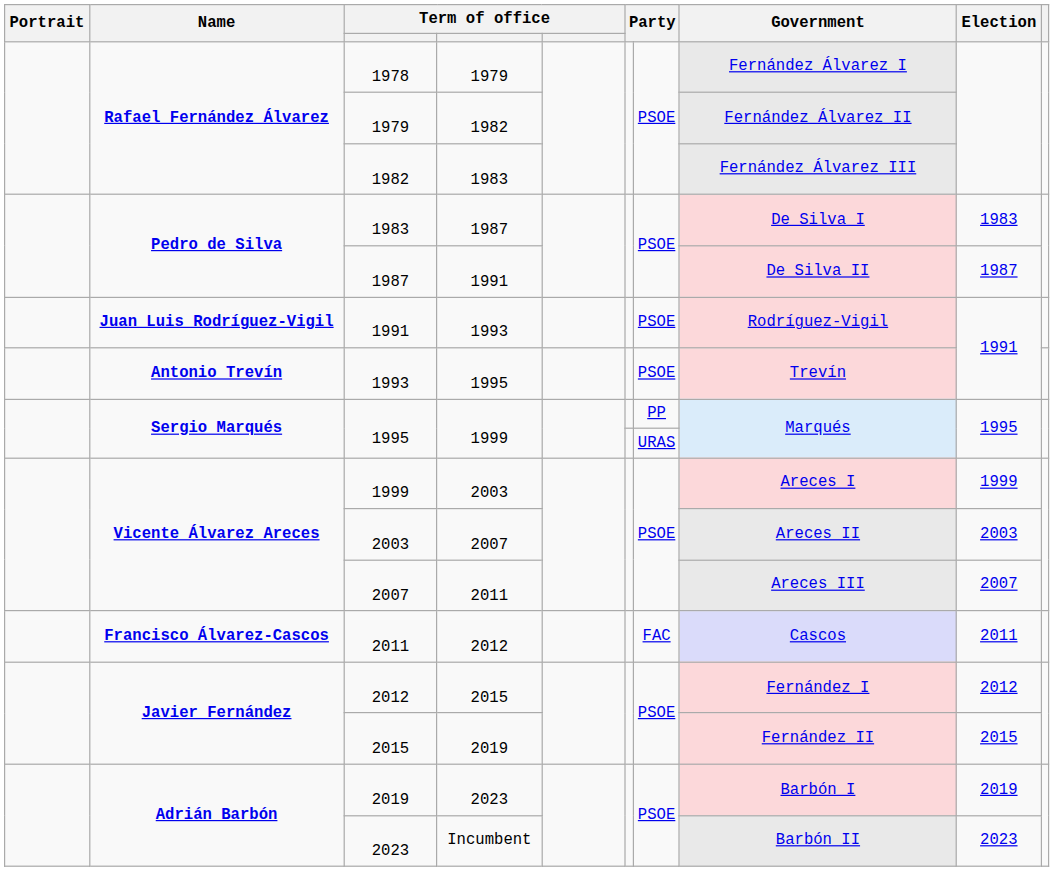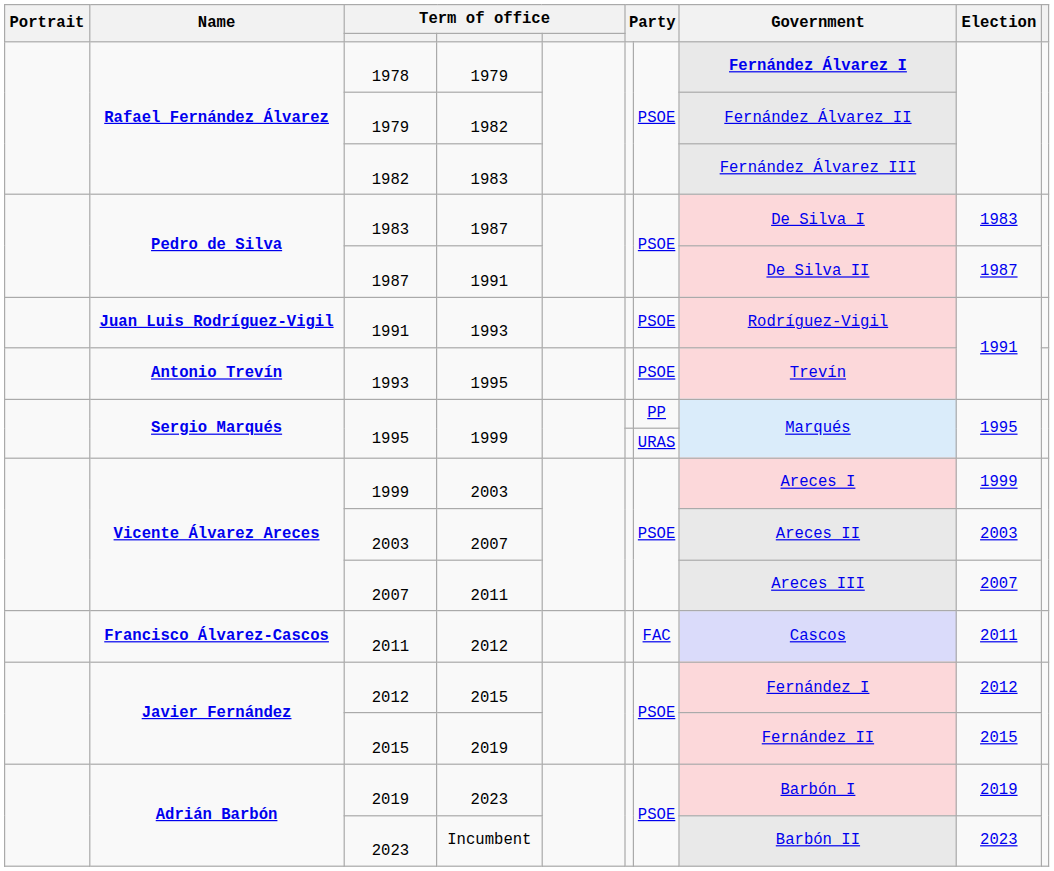 <table class="wikitable" style="line-height:1.4em; text-align:center; border:1px #aaf solid;">
 <tr>
 <th rowspan="2" width="65">Portrait</th>
 <th rowspan="2" width="250">Name<br></th>
 <th colspan="3">Term of office</th>
 <th rowspan="2" colspan="2" width="90">Party</th>
 <th rowspan="2" width="275">Government<br></th>
 <th rowspan="2" width="65">Election</th>
 <th rowspan="2"></th>
 </tr>
 <tr>
 <th width="85"></th>
 <th width="85"></th>
 <th width="85"></th>
 </tr>
 <tr>
 <td rowspan="3" width="65"></td>
 <td rowspan="3"><strong><a href='#'>Rafael Fernández Álvarez</a></strong><br></td>
 <td class="nowrap"><br>1978</td>
 <td class="nowrap"><br>1979</td>
 <td rowspan="3" style="font-size:95%;"></td>
 <td rowspan="3" width="1" style="color:inherit;background:"></td>
 <td rowspan="3"><a href='#'>PSOE</a></td>
-<td style="background:#E9E9E9;"><a href='#'>Fernández Álvarez I</a><br></td>
+<td style="background:#E9E9E9;"><strong><a href='#'>Fernández Álvarez I</a><br></strong></td>
 <td rowspan="3" style="color:#ccc;"></td>
 <td rowspan="3"><br><br><br><br><br></td>
 </tr>
 <tr>
 <td class="nowrap"><br>1979</td>
 <td class="nowrap"><br>1982</td>
 <td style="background:#E9E9E9;"><a href='#'>Fernández Álvarez II</a><br></td>
 </tr>
 <tr>
 <td class="nowrap"><br>1982</td>
 <td class="nowrap"><br>1983</td>
 <td style="background:#E9E9E9;"><a href='#'>Fernández Álvarez III</a><br></td>
 </tr>
 <tr>
 <td rowspan="2"></td>
 <td rowspan="2"><strong><a href='#'>Pedro de Silva</a></strong><br></td>
 <td class="nowrap"><br>1983</td>
 <td class="nowrap"><br>1987</td>
 <td rowspan="2" style="font-size:95%;"></td>
 <td rowspan="2" style="color:inherit;background:"></td>
 <td rowspan="2"><a href='#'>PSOE</a></td>
 <td style="background:#FCD8DA;"><a href='#'>De Silva I</a><br></td>
 <td><a href='#'>1983</a></td>
 <td rowspan="2"><br><br></td>
 </tr>
 <tr>
 <td class="nowrap"><br>1987</td>
 <td class="nowrap"><br>1991</td>
 <td style="background:#FCD8DA;"><a href='#'>De Silva II</a><br></td>
 <td><a href='#'>1987</a></td>
 </tr>
 <tr>
 <td></td>
 <td><strong><a href='#'>Juan Luis Rodríguez-Vigil</a></strong><br></td>
 <td class="nowrap"><br>1991</td>
 <td class="nowrap"><br>1993</td>
 <td style="font-size:95%;"></td>
 <td style="color:inherit;background:"></td>
 <td><a href='#'>PSOE</a></td>
 <td style="background:#FCD8DA;"><a href='#'>Rodríguez-Vigil</a><br></td>
 <td rowspan="2"><a href='#'>1991</a></td>
 <td><br><br></td>
 </tr>
 <tr>
 <td></td>
 <td><strong><a href='#'>Antonio Trevín</a></strong><br></td>
 <td class="nowrap"><br>1993</td>
 <td class="nowrap"><br>1995</td>
 <td style="font-size:95%;"></td>
 <td style="color:inherit;background:"></td>
 <td><a href='#'>PSOE</a></td>
 <td style="background:#FCD8DA;"><a href='#'>Trevín</a><br></td>
 <td><br></td>
 </tr>
 <tr>
 <td rowspan="2"></td>
 <td rowspan="2"><strong><a href='#'>Sergio Marqués</a></strong><br></td>
 <td rowspan="2" class="nowrap"><br>1995</td>
 <td rowspan="2" class="nowrap"><br>1999</td>
 <td rowspan="2" style="font-size:95%;"></td>
 <td style="color:inherit;background:"></td>
 <td><a href='#'>PP</a></td>
 <td rowspan="2" style="background:#DAECFA;"><a href='#'>Marqués</a><br></td>
 <td rowspan="2"><a href='#'>1995</a></td>
 <td rowspan="2"><br></td>
 </tr>
 <tr>
 <td style="color:inherit;background:"></td>
 <td><a href='#'>URAS</a></td>
 </tr>
 <tr>
 <td rowspan="3"></td>
 <td rowspan="3"><strong><a href='#'>Vicente Álvarez Areces</a></strong><br></td>
 <td class="nowrap"><br>1999</td>
 <td class="nowrap"><br>2003</td>
 <td rowspan="3" style="font-size:95%;"></td>
 <td rowspan="3" style="color:inherit;background:"></td>
 <td rowspan="3"><a href='#'>PSOE</a></td>
 <td style="background:#FCD8DA;"><a href='#'>Areces I</a><br></td>
 <td><a href='#'>1999</a></td>
 <td rowspan="3"><br><br><br></td>
 </tr>
 <tr>
 <td class="nowrap"><br>2003</td>
 <td class="nowrap"><br>2007</td>
 <td style="background:#E9E9E9;"><a href='#'>Areces II</a><br></td>
 <td><a href='#'>2003</a></td>
 </tr>
 <tr>
 <td class="nowrap"><br>2007</td>
 <td class="nowrap"><br>2011</td>
 <td style="background:#E9E9E9;"><a href='#'>Areces III</a><br></td>
 <td><a href='#'>2007</a></td>
 </tr>
 <tr>
 <td></td>
 <td><strong><a href='#'>Francisco Álvarez-Cascos</a></strong><br></td>
 <td class="nowrap"><br>2011</td>
 <td class="nowrap"><br>2012</td>
 <td style="font-size:95%;"></td>
 <td style="color:inherit;background:"></td>
 <td><a href='#'>FAC</a></td>
 <td style="background:#DADBFA;"><a href='#'>Cascos</a><br></td>
 <td><a href='#'>2011</a></td>
 <td><br></td>
 </tr>
 <tr>
 <td rowspan="2"></td>
 <td rowspan="2"><strong><a href='#'>Javier Fernández</a></strong><br></td>
 <td class="nowrap"><br>2012</td>
 <td class="nowrap"><br>2015</td>
 <td rowspan="2" style="font-size:95%;"></td>
 <td rowspan="2" style="color:inherit;background:"></td>
 <td rowspan="2"><a href='#'>PSOE</a></td>
 <td style="background:#FCD8DA;"><a href='#'>Fernández I</a><br></td>
 <td><a href='#'>2012</a></td>
 <td rowspan="2"><br><br></td>
 </tr>
 <tr>
 <td class="nowrap"><br>2015</td>
 <td class="nowrap"><br>2019</td>
 <td style="background:#FCD8DA;"><a href='#'>Fernández II</a><br></td>
 <td><a href='#'>2015</a></td>
 </tr>
 <tr>
 <td rowspan=2></td>
 <td rowspan=2><strong><a href='#'>Adrián Barbón</a></strong><br></td>
 <td class="nowrap"><br>2019</td>
 <td class="nowrap"><br>2023</td>
 <td rowspan=2 style="font-size:95%;"></td>
 <td rowspan=2 style="background:"></td>
 <td rowspan=2><a href='#'>PSOE</a></td>
 <td style="background:#FCD8DA;"><a href='#'>Barbón I</a><br></td>
 <td><a href='#'>2019</a></td>
 <td rowspan=2><br></td>
 </tr>
 <tr>
 <td class="nowrap"><br>2023</td>
 <td class="nowrap">Incumbent</td>
 <td style="background:#E9E9E9;"><a href='#'>Barbón II</a><br></td>
 <td><a href='#'>2023</a></td>
 </tr>
 </table>
